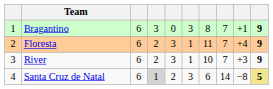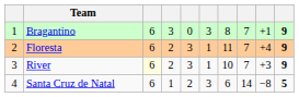 <table class="wikitable" style="text-align: center;">
 <tr>
 <th width=20></th>
 <th width=165>Team</th>
 <th width=20></th>
 <th width=20></th>
 <th width=20></th>
 <th width=20></th>
 <th width=20></th>
 <th width=20></th>
 <th width=20></th>
 <th width=20></th>
 </tr>
 <tr bgcolor=#ccffcc>
 <td>1</td>
 <td align=left> <a href='#'>Bragantino</a></td>
 <td>6</td>
 <td>3</td>
 <td>0</td>
 <td>3</td>
 <td>8</td>
 <td>7</td>
 <td>+1</td>
 <td><strong>9</strong></td>
 </tr>
 <tr bgcolor=#ffcc99>
 <td>2</td>
 <td align=left> <a href='#'>Floresta</a></td>
 <td>6</td>
 <td>2</td>
 <td>3</td>
 <td>1</td>
 <td>11</td>
 <td>7</td>
 <td>+4</td>
 <td><strong>9</strong></td>
 </tr>
 <tr>
 <td>3</td>
 <td align=left> <a href='#'>River</a></td>
-<td>6</td>
+<td style="background: lightyellow;">6</td>
 <td>2</td>
 <td>3</td>
 <td>1</td>
 <td>10</td>
 <td>7</td>
 <td>+3</td>
 <td><strong>9</strong></td>
 </tr>
 <tr>
 <td>4</td>
 <td align=left> <a href='#'>Santa Cruz de Natal</a></td>
 <td>6</td>
-<td style="background: lightgrey;">1</td>
+<td>1</td>
 <td>2</td>
 <td>3</td>
 <td>6</td>
 <td>14</td>
 <td>−8</td>
-<td style="background: khaki;"><strong>5</strong></td>
+<td><strong>5</strong></td>
 </tr>
 </table>
